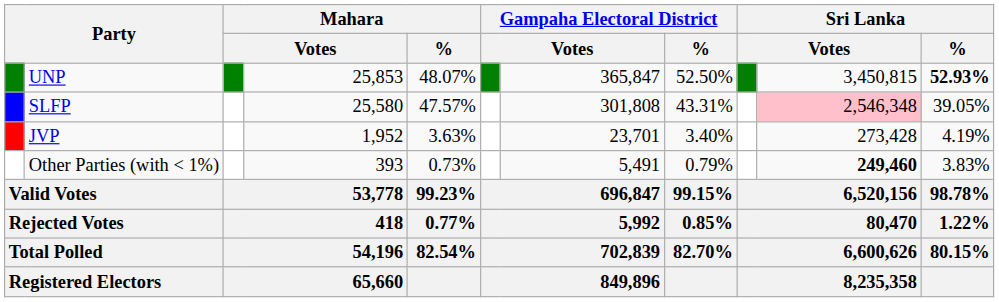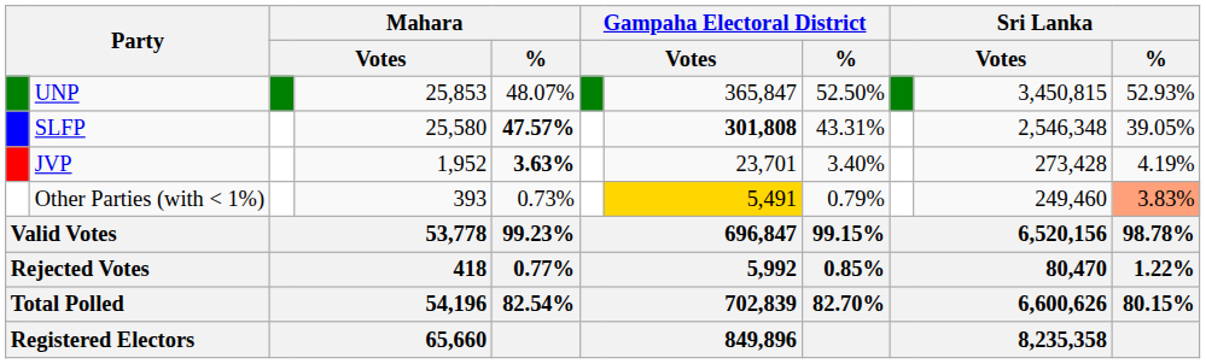 <table class="wikitable">
 <tr>
 <th colspan="2" width="144px"rowspan="2">Party</th>
 <th colspan="3" width="216px">Mahara</th>
 <th colspan="3" width="216px"><a href='#'>Gampaha Electoral District</a></th>
 <th colspan="3" width="216px">Sri Lanka</th>
 </tr>
 <tr>
 <th colspan="2" width="144px">Votes</th>
 <th>%</th>
 <th colspan="2" width="144px">Votes</th>
 <th>%</th>
 <th colspan="2" width="144px">Votes</th>
 <th>%</th>
 </tr>
 <tr>
 <td style="background-color:green;" width="10px"></td>
 <td style="text-align:left;"><a href='#'>UNP</a></td>
 <td style="background-color:green;" width="10px"></td>
 <td style="text-align:right;">25,853</td>
 <td style="text-align:right;">48.07%</td>
 <td style="background-color:green;" width="10px"></td>
 <td style="text-align:right;">365,847</td>
 <td style="text-align:right;">52.50%</td>
 <td style="background-color:green;" width="10px"></td>
 <td style="text-align:right;">3,450,815</td>
-<td style="text-align:right;"><strong>52.93%</strong></td>
+<td style="text-align:right;">52.93%</td>
 </tr>
 <tr>
 <td style="background-color:blue;" width="10px"></td>
 <td style="text-align:left;"><a href='#'>SLFP</a></td>
 <td style="background-color:white;" width="10px"></td>
 <td style="text-align:right;">25,580</td>
-<td style="text-align:right;">47.57%</td>
+<td style="text-align:right;"><strong>47.57%</strong></td>
 <td style="background-color:white;" width="10px"></td>
-<td style="text-align:right;">301,808</td>
+<td style="text-align:right;"><strong>301,808</strong></td>
 <td style="text-align:right;">43.31%</td>
 <td style="background-color:white;" width="10px"></td>
-<td style="background: pink; text-align:right;">2,546,348</td>
+<td style="text-align:right;">2,546,348</td>
 <td style="text-align:right;">39.05%</td>
 </tr>
 <tr>
 <td style="background-color:red;" width="10px"></td>
 <td style="text-align:left;"><a href='#'>JVP</a></td>
 <td style="background-color:white;" width="10px"></td>
 <td style="text-align:right;">1,952</td>
-<td style="text-align:right;">3.63%</td>
+<td style="text-align:right;"><strong>3.63%</strong></td>
 <td style="background-color:white;" width="10px"></td>
 <td style="text-align:right;">23,701</td>
 <td style="text-align:right;">3.40%</td>
 <td style="background-color:white;" width="10px"></td>
 <td style="text-align:right;">273,428</td>
 <td style="text-align:right;">4.19%</td>
 </tr>
 <tr>
 <td style="background-color:white;" width="10px"></td>
 <td style="text-align:left;">Other Parties (with < 1%)</td>
 <td style="background-color:white;" width="10px"></td>
 <td style="text-align:right;">393</td>
 <td style="text-align:right;">0.73%</td>
 <td style="background-color:white;" width="10px"></td>
-<td style="text-align:right;">5,491</td>
+<td style="background: gold; text-align:right;">5,491</td>
 <td style="text-align:right;">0.79%</td>
 <td style="background-color:white;" width="10px"></td>
-<td style="text-align:right;"><strong>249,460</strong></td>
-<td style="text-align:right;">3.83%</td>
+<td style="text-align:right;">249,460</td>
+<td style="background: lightsalmon; text-align:right;">3.83%</td>
 </tr>
 <tr>
 <th colspan="2" width="144px"style="text-align:left;">Valid Votes</th>
 <th style="text-align:right;"colspan="2" width="144px">53,778</th>
 <th style="text-align:right;">99.23%</th>
 <th style="text-align:right;"colspan="2" width="144px">696,847</th>
 <th style="text-align:right;">99.15%</th>
 <th style="text-align:right;"colspan="2" width="144px">6,520,156</th>
 <th style="text-align:right;">98.78%</th>
 </tr>
 <tr>
 <th colspan="2" width="144px"style="text-align:left;">Rejected Votes</th>
 <th style="text-align:right;"colspan="2" width="144px">418</th>
 <th style="text-align:right;">0.77%</th>
 <th style="text-align:right;"colspan="2" width="144px">5,992</th>
 <th style="text-align:right;">0.85%</th>
 <th style="text-align:right;"colspan="2" width="144px">80,470</th>
 <th style="text-align:right;">1.22%</th>
 </tr>
 <tr>
 <th colspan="2" width="144px"style="text-align:left;">Total Polled</th>
 <th style="text-align:right;"colspan="2" width="144px">54,196</th>
 <th style="text-align:right;">82.54%</th>
 <th style="text-align:right;"colspan="2" width="144px">702,839</th>
 <th style="text-align:right;">82.70%</th>
 <th style="text-align:right;"colspan="2" width="144px">6,600,626</th>
 <th style="text-align:right;">80.15%</th>
 </tr>
 <tr>
 <th colspan="2" width="144px"style="text-align:left;">Registered Electors</th>
 <th style="text-align:right;"colspan="2" width="144px">65,660</th>
 <th></th>
 <th style="text-align:right;"colspan="2" width="144px">849,896</th>
 <th></th>
 <th style="text-align:right;"colspan="2" width="144px">8,235,358</th>
 <th></th>
 </tr>
 </table>
